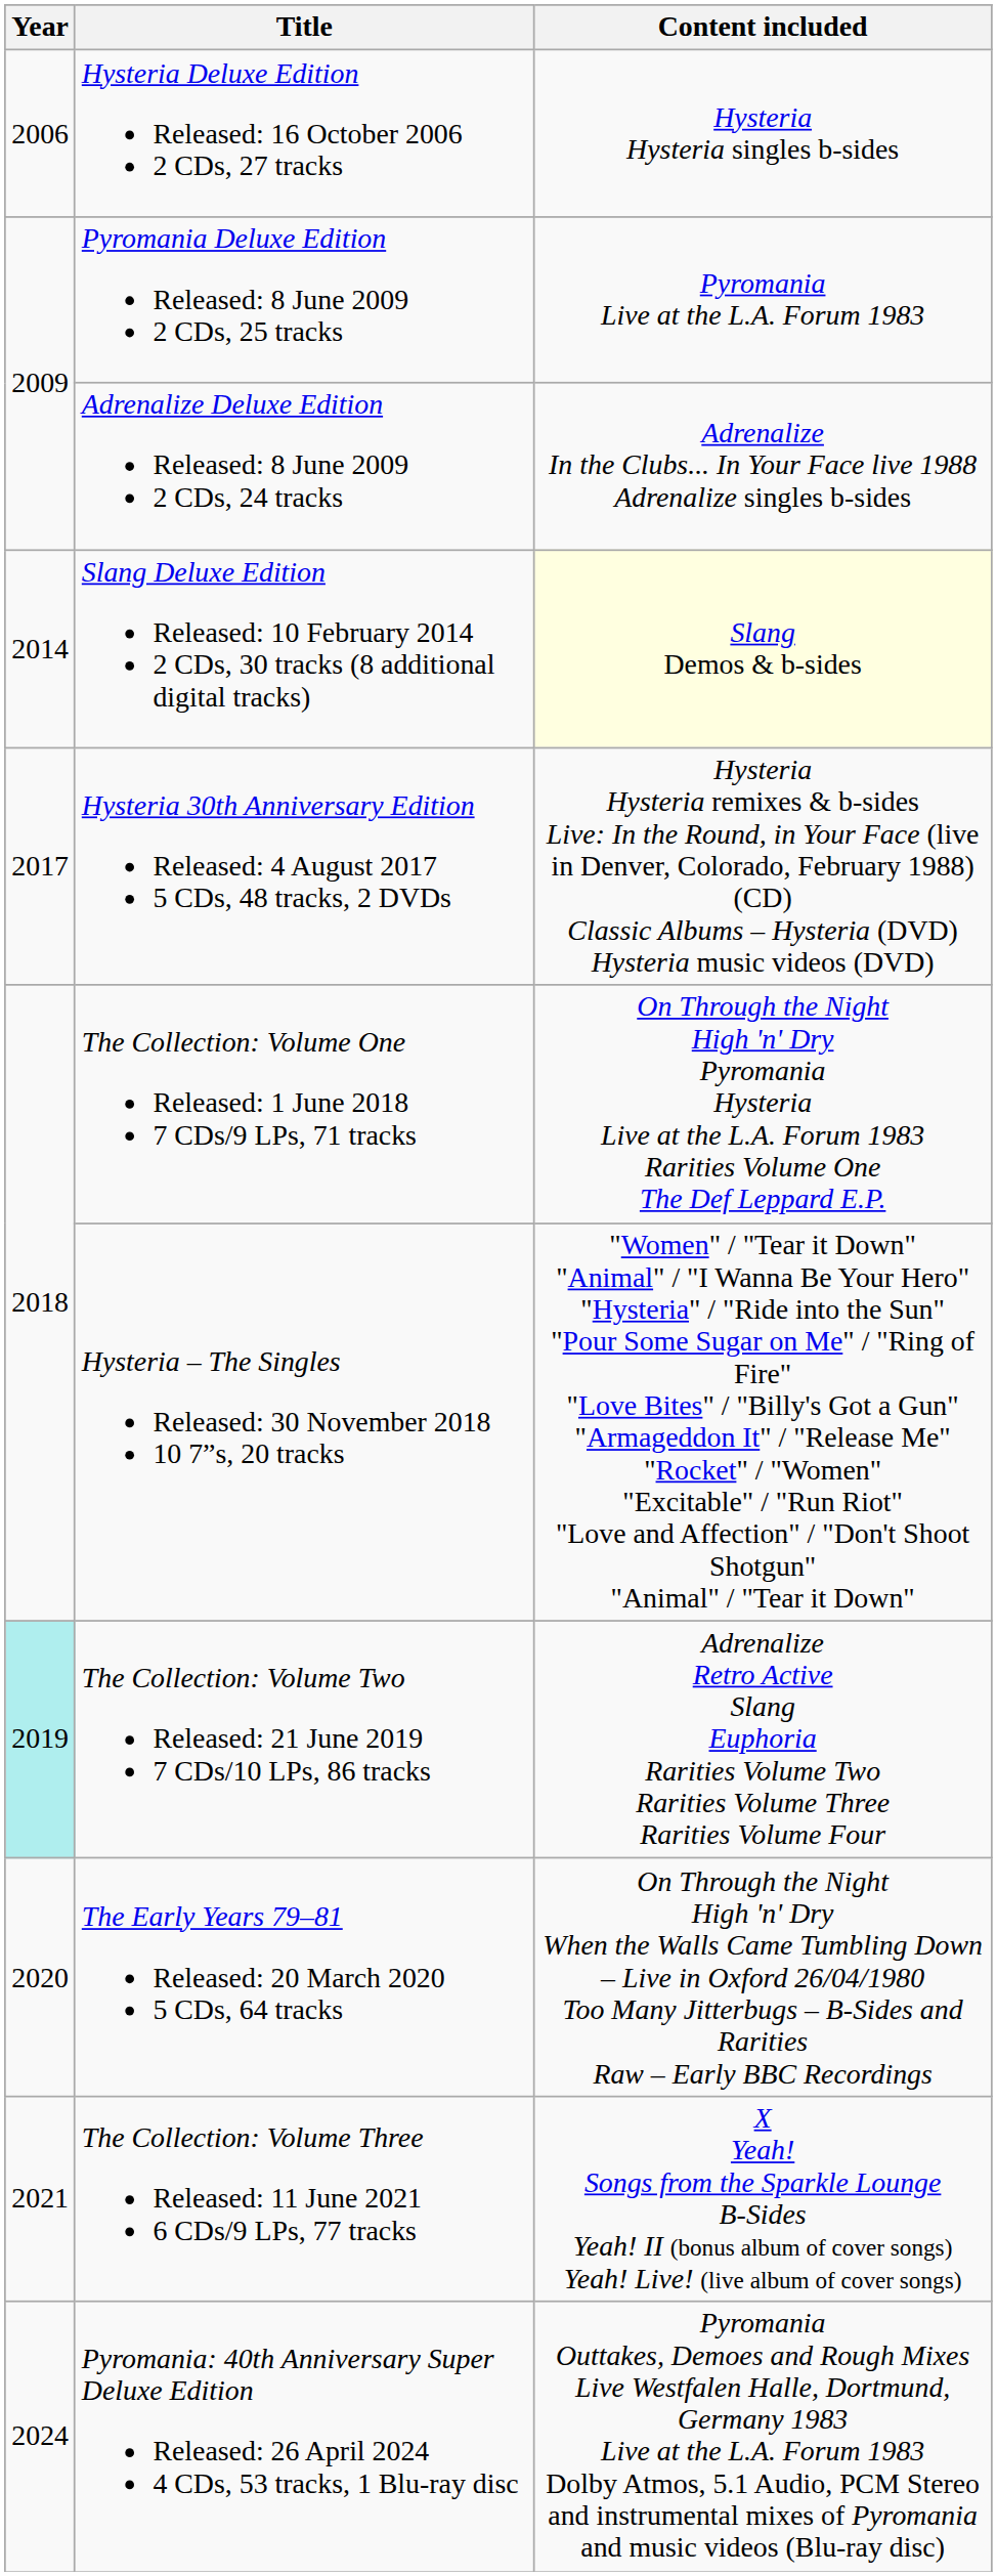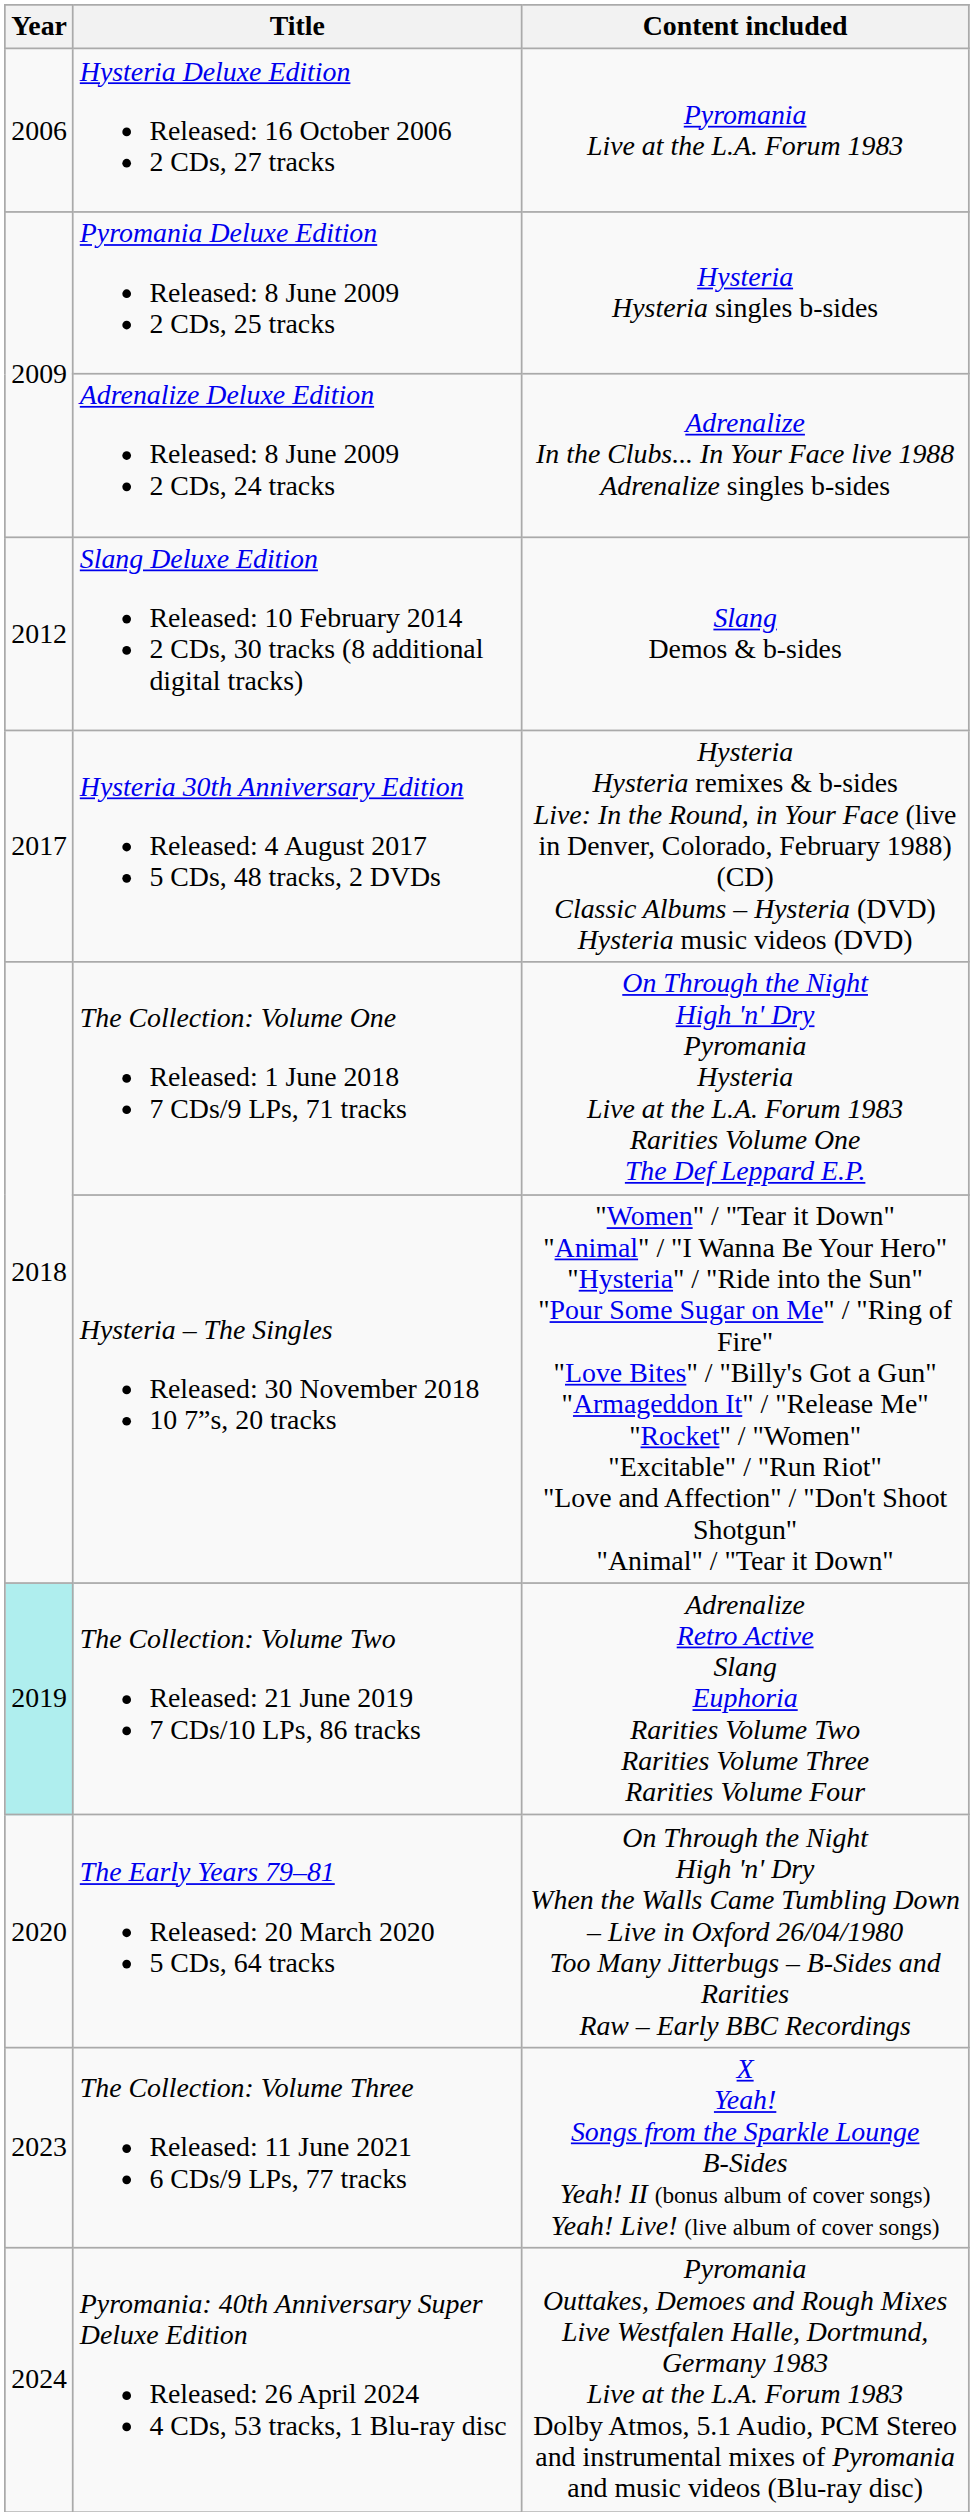 <table class="wikitable" style="text-align:center;">
 <tr>
 <th width="25">Year</th>
 <th width="250">Title</th>
 <th width="250">Content included</th>
 </tr>
 <tr>
 <td align="center">2006</td>
 <td align="left"><em><a href='#'>Hysteria Deluxe Edition</a></em><br><ul><li>Released: 16 October 2006</li><li>2 CDs, 27 tracks</li></ul></td>
-<td><em><a href='#'>Hysteria</a></em><br><em>Hysteria</em> singles b-sides</td>
+<td><em><a href='#'>Pyromania</a></em><br><em>Live at the L.A. Forum 1983</em></td>
 </tr>
 <tr>
 <td rowspan=2 align="center">2009</td>
 <td align="left"><em><a href='#'>Pyromania Deluxe Edition</a></em><br><ul><li>Released: 8 June 2009</li><li>2 CDs, 25 tracks</li></ul></td>
-<td><em><a href='#'>Pyromania</a></em><br><em>Live at the L.A. Forum 1983</em></td>
+<td><em><a href='#'>Hysteria</a></em><br><em>Hysteria</em> singles b-sides</td>
 </tr>
 <tr>
 <td align="left"><em><a href='#'>Adrenalize Deluxe Edition</a></em><br><ul><li>Released: 8 June 2009</li><li>2 CDs, 24 tracks</li></ul></td>
 <td><em><a href='#'>Adrenalize</a></em><br><em>In the Clubs... In Your Face live 1988</em><br><em>Adrenalize</em> singles b-sides</td>
 </tr>
 <tr>
-<td>2014</td>
+<td>2012</td>
 <td align="left"><em><a href='#'>Slang Deluxe Edition</a></em><br><ul><li>Released: 10 February 2014</li><li>2 CDs, 30 tracks (8 additional digital tracks)</li></ul></td>
-<td style="background: lightyellow;"><em><a href='#'>Slang</a></em><br>Demos & b-sides</td>
+<td><em><a href='#'>Slang</a></em><br>Demos & b-sides</td>
 </tr>
 <tr>
 <td align="center">2017</td>
 <td align="left"><em><a href='#'>Hysteria 30th Anniversary Edition</a></em><br><ul><li>Released: 4 August 2017</li><li>5 CDs, 48 tracks, 2 DVDs</li></ul></td>
 <td><em>Hysteria</em><br><em>Hysteria</em> remixes & b-sides<br><em>Live: In the Round, in Your Face</em> (live in Denver, Colorado, February 1988) (CD)<br> <em>Classic Albums</em> – <em>Hysteria</em> (DVD) <br> <em>Hysteria</em> music videos (DVD)</td>
 </tr>
 <tr>
 <td rowspan=2 align="center">2018</td>
 <td align="left"><em>The Collection: Volume One</em><br><ul><li>Released: 1 June 2018</li><li>7 CDs/9 LPs, 71 tracks</li></ul></td>
 <td><em><a href='#'>On Through the Night</a></em><br><em><a href='#'>High 'n' Dry</a></em><br><em>Pyromania</em><br><em>Hysteria</em><br><em>Live at the L.A. Forum 1983</em><br><em>Rarities Volume One</em><br><em><a href='#'>The Def Leppard E.P.</a></em></td>
 </tr>
 <tr>
 <td align="left"><em>Hysteria – The Singles</em><br><ul><li>Released: 30 November 2018</li><li>10 7”s, 20 tracks</li></ul></td>
 <td>"<a href='#'>Women</a>" / "Tear it Down"<br>"<a href='#'>Animal</a>" / "I Wanna Be Your Hero"<br>"<a href='#'>Hysteria</a>" / "Ride into the Sun" <br>"<a href='#'>Pour Some Sugar on Me</a>" / "Ring of Fire"<br>"<a href='#'>Love Bites</a>" / "Billy's Got a Gun" <br>"<a href='#'>Armageddon It</a>" / "Release Me"<br>"<a href='#'>Rocket</a>" / "Women" <br>"Excitable" / "Run Riot"<br>"Love and Affection" / "Don't Shoot Shotgun"<br>"Animal" / "Tear it Down"</td>
 </tr>
 <tr>
 <td align="center" style="background: paleturquoise;">2019</td>
 <td align="left"><em>The Collection: Volume Two</em><br><ul><li>Released: 21 June 2019</li><li>7 CDs/10 LPs, 86 tracks</li></ul></td>
 <td><em>Adrenalize</em><br><em><a href='#'>Retro Active</a></em><br><em>Slang</em><br><em><a href='#'>Euphoria</a></em><br><em>Rarities Volume Two</em><br><em>Rarities Volume Three</em><br><em>Rarities Volume Four</em></td>
 </tr>
 <tr>
 <td align="center">2020</td>
 <td align="left"><em><a href='#'>The Early Years 79–81</a></em><br><ul><li>Released: 20 March 2020</li><li>5 CDs, 64 tracks</li></ul></td>
 <td><em>On Through the Night</em><br><em>High 'n' Dry</em><br><em>When the Walls Came Tumbling Down – Live in Oxford 26/04/1980</em><br><em>Too Many Jitterbugs – B-Sides and Rarities</em><br><em>Raw – Early BBC Recordings</em></td>
 </tr>
 <tr>
-<td align="center">2021</td>
+<td align="center">2023</td>
 <td align="left"><em>The Collection: Volume Three</em><br><ul><li>Released: 11 June 2021</li><li>6 CDs/9 LPs, 77 tracks</li></ul></td>
 <td><em><a href='#'>X</a></em><br><em><a href='#'>Yeah!</a></em><br><em><a href='#'>Songs from the Sparkle Lounge</a></em><br><em>B-Sides</em><br><em>Yeah! II</em> <small>(bonus album of cover songs)</small><br><em>Yeah! Live!</em> <small>(live album of cover songs)</small></td>
 </tr>
 <tr>
 <td align="center">2024</td>
 <td align="left"><em>Pyromania: 40th Anniversary Super Deluxe Edition</em><br><ul><li>Released: 26 April 2024</li><li>4 CDs, 53 tracks, 1 Blu-ray disc</li></ul></td>
 <td><em>Pyromania</em><br><em>Outtakes, Demoes and Rough Mixes</em><br><em>Live Westfalen Halle, Dortmund, Germany 1983</em><br><em>Live at the L.A. Forum 1983</em><br>Dolby Atmos, 5.1 Audio, PCM Stereo and instrumental mixes of <em>Pyromania</em> and music videos (Blu-ray disc)</td>
 </tr>
 </table>
